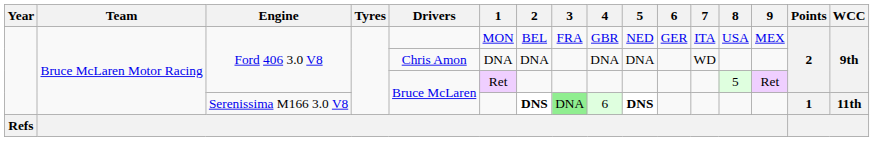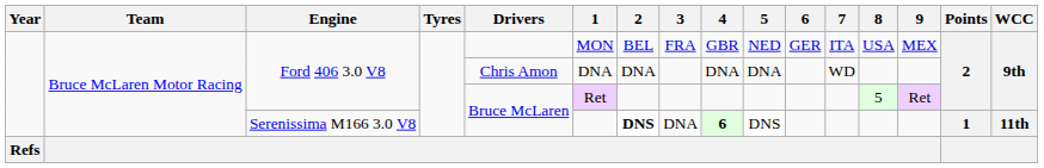 <table class="wikitable" style="text-align:center; font-size:95%">
 <tr>
 <th>Year</th>
 <th>Team</th>
 <th>Engine</th>
 <th>Tyres</th>
 <th>Drivers</th>
 <th>1</th>
 <th>2</th>
 <th>3</th>
 <th>4</th>
 <th>5</th>
 <th>6</th>
 <th>7</th>
 <th>8</th>
 <th>9</th>
 <th>Points</th>
 <th>WCC</th>
 </tr>
 <tr>
 <td rowspan="4"></td>
 <td rowspan="4"><a href='#'>Bruce McLaren Motor Racing</a></td>
 <td rowspan="3"><a href='#'>Ford</a> <a href='#'>406</a> 3.0 <a href='#'>V8</a></td>
 <td rowspan="4"></td>
 <td></td>
 <td><a href='#'>MON</a></td>
 <td><a href='#'>BEL</a></td>
 <td><a href='#'>FRA</a></td>
 <td><a href='#'>GBR</a></td>
 <td><a href='#'>NED</a></td>
 <td><a href='#'>GER</a></td>
 <td><a href='#'>ITA</a></td>
 <td><a href='#'>USA</a></td>
 <td><a href='#'>MEX</a></td>
 <th rowspan=3>2</th>
 <th rowspan=3>9th</th>
 </tr>
 <tr>
 <td><a href='#'>Chris Amon</a></td>
 <td>DNA</td>
 <td>DNA</td>
 <td></td>
 <td>DNA</td>
 <td>DNA</td>
 <td></td>
 <td>WD</td>
 <td></td>
 <td></td>
 </tr>
 <tr>
 <td rowspan=2><a href='#'>Bruce McLaren</a></td>
 <td style="background:#EFCFFF;">Ret</td>
 <td></td>
 <td></td>
 <td></td>
 <td></td>
 <td></td>
 <td></td>
 <td style="background:#dfffdf;">5</td>
 <td style="background:#EFCFFF;">Ret</td>
 </tr>
 <tr>
 <td><a href='#'>Serenissima</a> M166 3.0 <a href='#'>V8</a></td>
 <td></td>
 <td style="background:#ffffff;"><strong>DNS</strong></td>
-<td style="background: lightgreen;">DNA</td>
-<td style="background:#dfffdf;">6</td>
-<td style="background:#ffffff;"><strong>DNS</strong></td>
+<td>DNA</td>
+<td style="background:#dfffdf;"><strong>6</strong></td>
+<td style="background:#ffffff;">DNS</td>
 <td></td>
 <td></td>
 <td></td>
 <td></td>
 <th>1</th>
 <th>11th</th>
 </tr>
 <tr>
 <th>Refs</th>
 <th colspan=13></th>
 <th colspan=2></th>
 </tr>
 </table>
